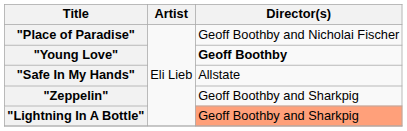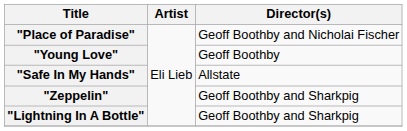 <table class="wikitable plainrowheaders">
 <tr>
 <th scope="col">Title</th>
 <th scope="col">Artist</th>
 <th scope="col">Director(s)</th>
 </tr>
 <tr>
 <th scope="row">"Place of Paradise"</th>
 <td rowspan="5">Eli Lieb</td>
 <td>Geoff Boothby and Nicholai Fischer</td>
 </tr>
 <tr>
 <th scope="row">"Young Love"</th>
-<td><strong>Geoff Boothby</strong></td>
+<td>Geoff Boothby</td>
 </tr>
 <tr>
 <th scope="row">"Safe In My Hands"</th>
 <td>Allstate</td>
 </tr>
 <tr>
 <th scope="row">"Zeppelin"</th>
 <td>Geoff Boothby and Sharkpig</td>
 </tr>
 <tr>
 <th scope="row">"Lightning In A Bottle"</th>
-<td style="background: lightsalmon;">Geoff Boothby and Sharkpig</td>
+<td>Geoff Boothby and Sharkpig</td>
 </tr>
 <tr>
 </tr>
 </table>
